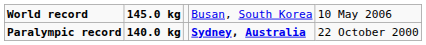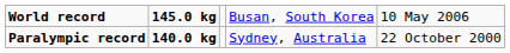 <table class="wikitable">
 <tr>
 <td><strong>World record</strong></td>
 <td><strong>145.0 kg</strong></td>
 <td></td>
 <td><a href='#'>Busan</a>, <a href='#'>South Korea</a></td>
 <td>10 May 2006</td>
 </tr>
 <tr>
 <td><strong>Paralympic record</strong></td>
 <td><strong>140.0 kg</strong></td>
 <td></td>
-<td><strong><a href='#'>Sydney</a>, <a href='#'>Australia</a></strong></td>
+<td><a href='#'>Sydney</a>, <a href='#'>Australia</a></td>
 <td>22 October 2000</td>
 </tr>
 </table>
